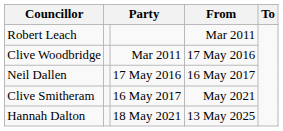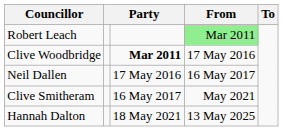 <table class=wikitable>
 <tr>
 <th>Councillor</th>
 <th colspan=2>Party</th>
 <th>From</th>
 <th>To</th>
 </tr>
 <tr>
 <td>Robert Leach</td>
 <td></td>
 <td align=right></td>
-<td align=right>Mar 2011</td>
+<td align=right style="background: lightgreen;">Mar 2011</td>
 </tr>
 <tr>
 <td>Clive Woodbridge</td>
 <td></td>
-<td align=right>Mar 2011</td>
+<td align=right><strong>Mar 2011</strong></td>
 <td align=right>17 May 2016</td>
 </tr>
 <tr>
 <td>Neil Dallen</td>
 <td></td>
 <td align=right>17 May 2016</td>
 <td align=right>16 May 2017</td>
 </tr>
 <tr>
 <td>Clive Smitheram</td>
 <td></td>
 <td align=right>16 May 2017</td>
 <td align=right>May 2021</td>
 </tr>
 <tr>
 <td>Hannah Dalton</td>
 <td></td>
 <td align=right>18 May 2021</td>
 <td align=right>13 May 2025</td>
 </tr>
 </table>
